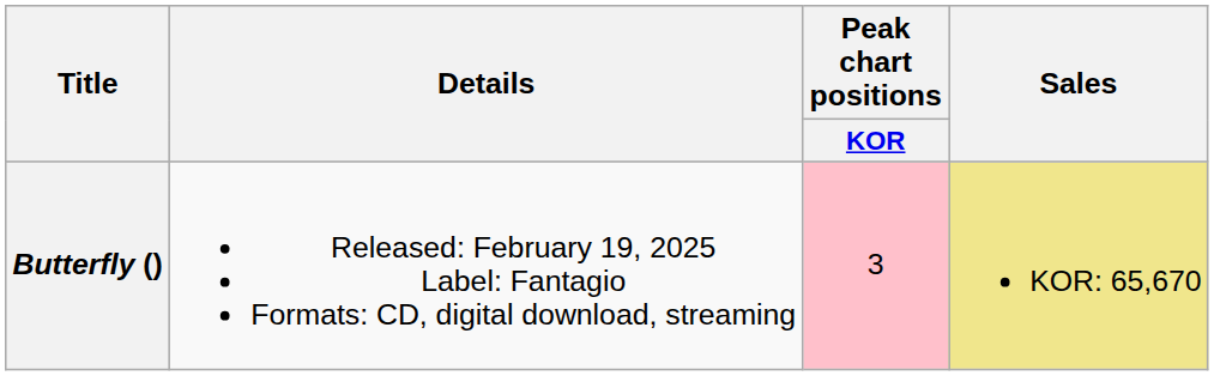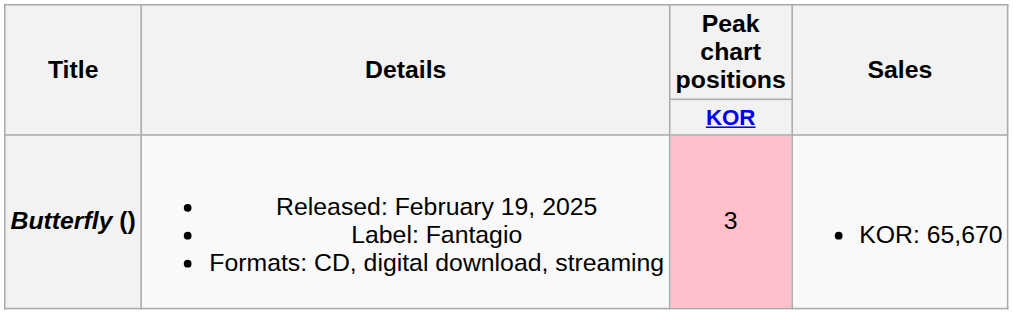 <table class="wikitable plainrowheaders" style="text-align:center">
 <tr>
 <th scope="col" rowspan="2">Title</th>
 <th scope="col" rowspan="2">Details</th>
 <th scope="col" colspan="1">Peak chart positions</th>
 <th scope="col" rowspan="2">Sales</th>
 </tr>
 <tr>
 <th scope="col" style="font-size:90%; width:3em"><a href='#'>KOR</a><br></th>
 </tr>
 <tr>
 <th scope="row"><em>Butterfly</em> ()</th>
 <td><br><ul><li>Released: February 19, 2025</li><li>Label: Fantagio</li><li>Formats: CD, digital download, streaming</li></ul></td>
 <td style="background: pink;">3</td>
-<td style="background: khaki;"><br><ul><li>KOR: 65,670</li></ul></td>
+<td><br><ul><li>KOR: 65,670</li></ul></td>
 </tr>
 </table>
